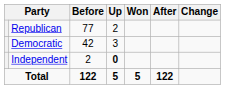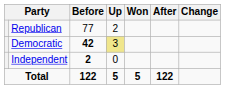 <table class="wikitable" style="text-align:center;">
 <tr>
 <th colspan="2">Party</th>
 <th>Before</th>
 <th>Up</th>
 <th>Won</th>
 <th>After</th>
 <th>Change</th>
 </tr>
 <tr>
 <th style="background-color:"></th>
 <td style="text-align:left;"><a href='#'>Republican</a></td>
 <td>77</td>
 <td>2</td>
 <td></td>
 <td></td>
 <td></td>
 </tr>
 <tr>
 <th style="background-color:"></th>
 <td style="text-align:left;"><a href='#'>Democratic</a></td>
-<td>42</td>
-<td>3</td>
+<td><strong>42</strong></td>
+<td style="background: khaki;">3</td>
 <td></td>
 <td></td>
 <td></td>
 </tr>
 <tr>
 <th style="background-color:"></th>
 <td style="text-align:left;"><a href='#'>Independent</a></td>
-<td>2</td>
-<td><strong>0</strong></td>
+<td><strong>2</strong></td>
+<td>0</td>
 <td></td>
 <td></td>
 <td></td>
 </tr>
 <tr>
 <td colspan="2"><strong>Total</strong></td>
 <td><strong>122</strong></td>
 <td><strong>5</strong></td>
 <td><strong>5</strong></td>
 <td><strong>122</strong></td>
 <td></td>
 </tr>
 </table>
